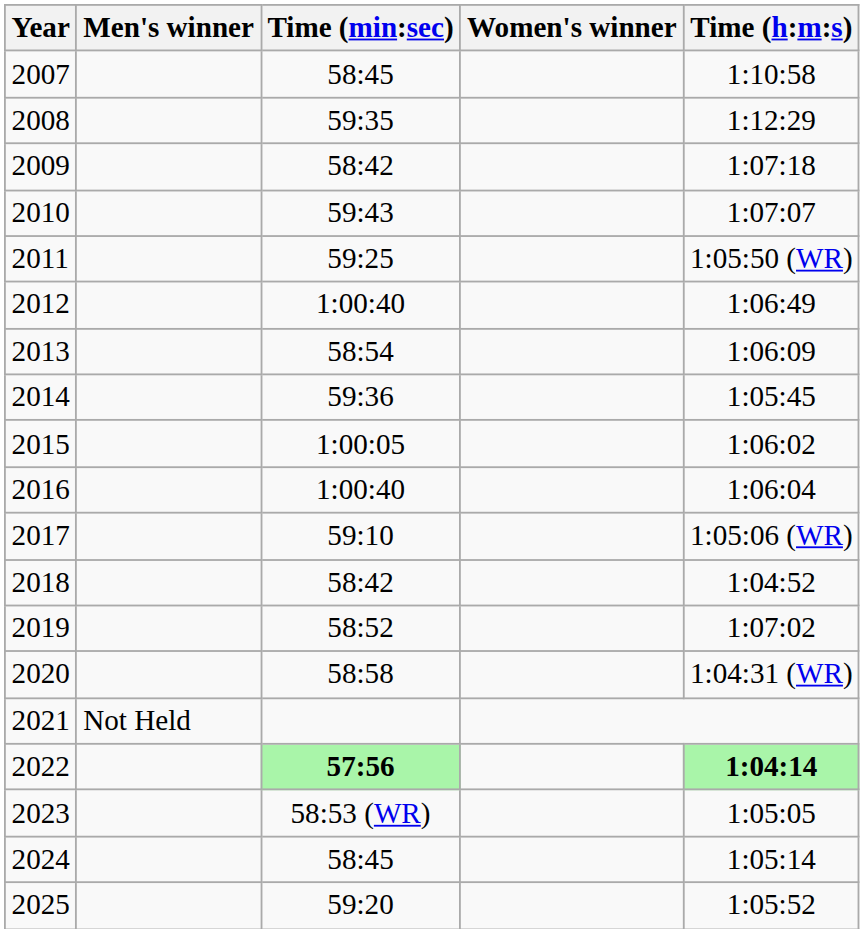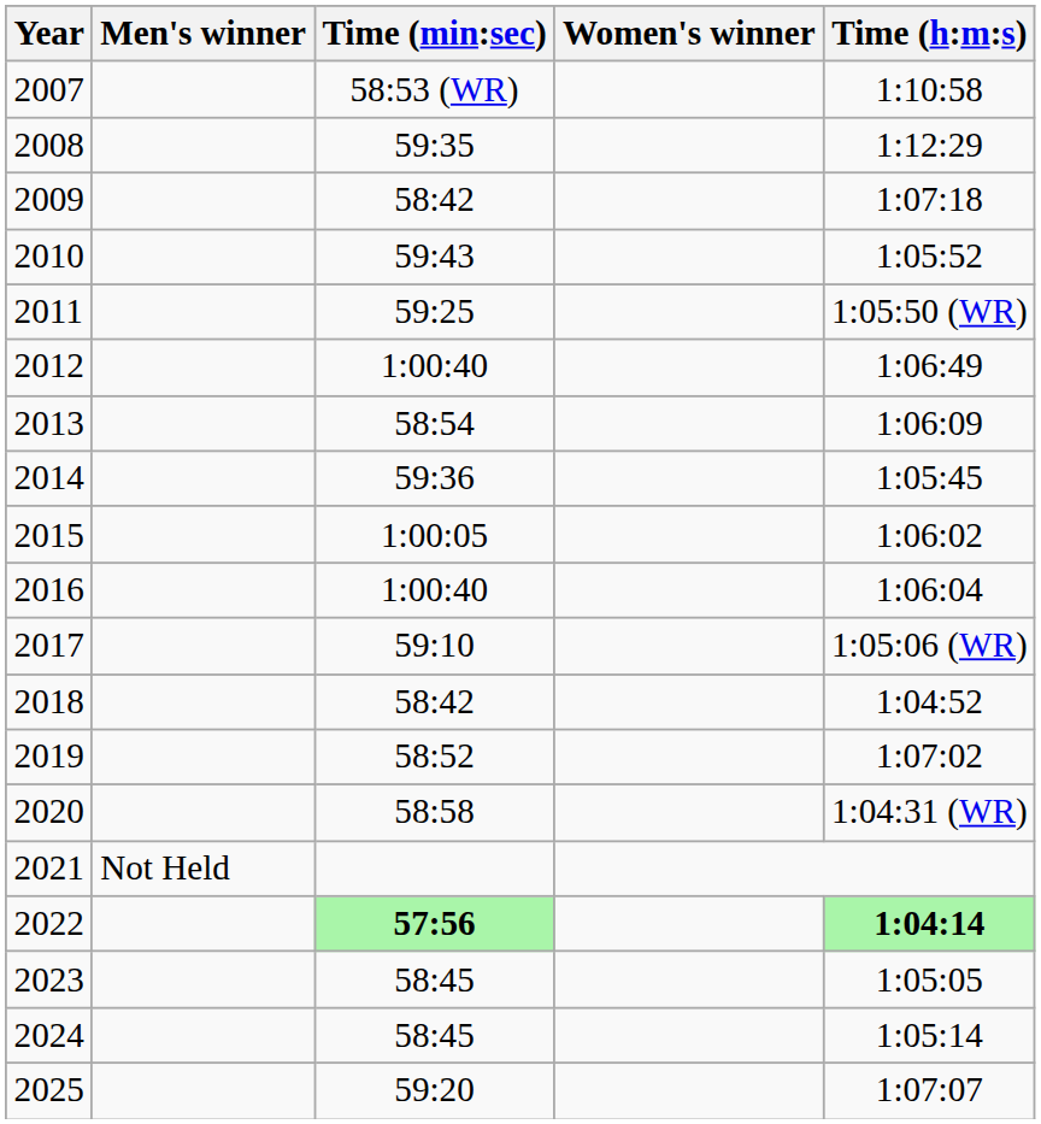 <table class="wikitable">
 <tr>
 <th>Year</th>
 <th>Men's winner</th>
 <th>Time (<a href='#'>min</a>:<a href='#'>sec</a>)</th>
 <th>Women's winner</th>
 <th>Time  (<a href='#'>h</a>:<a href='#'>m</a>:<a href='#'>s</a>)</th>
 </tr>
 <tr>
 <td>2007</td>
 <td></td>
-<td align=center>58:45</td>
+<td align=center>58:53 (<a href='#'>WR</a>)</td>
 <td></td>
 <td align=center>1:10:58</td>
 </tr>
 <tr>
 <td>2008</td>
 <td></td>
 <td align=center>59:35</td>
 <td></td>
 <td align=center>1:12:29</td>
 </tr>
 <tr>
 <td>2009</td>
 <td></td>
 <td align=center>58:42</td>
 <td></td>
 <td align=center>1:07:18</td>
 </tr>
 <tr>
 <td>2010</td>
 <td></td>
 <td align=center>59:43</td>
 <td></td>
-<td align=center>1:07:07</td>
+<td align=center>1:05:52</td>
 </tr>
 <tr>
 <td>2011</td>
 <td></td>
 <td align=center>59:25</td>
 <td></td>
 <td align=center>1:05:50 (<a href='#'>WR</a>)</td>
 </tr>
 <tr>
 <td>2012</td>
 <td></td>
 <td align=center>1:00:40</td>
 <td></td>
 <td align=center>1:06:49</td>
 </tr>
 <tr>
 <td>2013</td>
 <td></td>
 <td align=center>58:54</td>
 <td></td>
 <td align=center>1:06:09</td>
 </tr>
 <tr>
 <td>2014</td>
 <td></td>
 <td align=center>59:36</td>
 <td></td>
 <td align=center>1:05:45</td>
 </tr>
 <tr>
 <td>2015</td>
 <td></td>
 <td align=center>1:00:05</td>
 <td></td>
 <td align=center>1:06:02</td>
 </tr>
 <tr>
 <td>2016</td>
 <td></td>
 <td align=center>1:00:40</td>
 <td></td>
 <td align=center>1:06:04</td>
 </tr>
 <tr>
 <td>2017</td>
 <td></td>
 <td align=center>59:10</td>
 <td></td>
 <td align=center>1:05:06 (<a href='#'>WR</a>)</td>
 </tr>
 <tr>
 <td>2018</td>
 <td></td>
 <td align=center>58:42</td>
 <td></td>
 <td align=center>1:04:52</td>
 </tr>
 <tr>
 <td>2019</td>
 <td></td>
 <td align=center>58:52</td>
 <td></td>
 <td align=center>1:07:02</td>
 </tr>
 <tr>
 <td>2020</td>
 <td></td>
 <td align=center>58:58</td>
 <td></td>
 <td align=center>1:04:31 (<a href='#'>WR</a>)</td>
 </tr>
 <tr>
 <td>2021</td>
 <td>Not Held</td>
 <td align=center></td>
 </tr>
 <tr>
 <td>2022</td>
 <td></td>
 <td align=center bgcolor=#A9F5A9><strong>57:56</strong></td>
 <td></td>
 <td align=center bgcolor=#A9F5A9><strong>1:04:14</strong></td>
 </tr>
 <tr>
 <td>2023</td>
 <td></td>
-<td align=center>58:53 (<a href='#'>WR</a>)</td>
+<td align=center>58:45</td>
 <td></td>
 <td align=center>1:05:05</td>
 </tr>
 <tr>
 <td>2024</td>
 <td></td>
 <td align=center>58:45</td>
 <td></td>
 <td align=center>1:05:14</td>
 </tr>
 <tr>
 <td>2025</td>
 <td></td>
 <td align=center>59:20</td>
 <td></td>
-<td align=center>1:05:52</td>
+<td align=center>1:07:07</td>
 </tr>
 </table>
